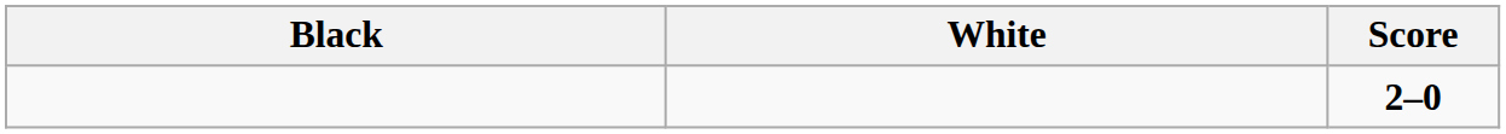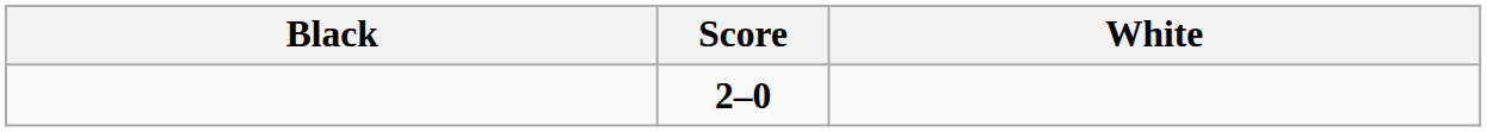 <table class="wikitable" style="text-align: center;">
 <tr>
 <th align="right" width="270">Black</th>
+<th width="65">Score</th>
 <th align="left" width="270">White</th>
-<th width="65">Score</th>
 </tr>
 <tr>
 <td align=left><strong><br></strong></td>
+<td align=center><strong>2–0</strong></td>
 <td align=left><br></td>
-<td align=center><strong>2–0</strong></td>
 </tr>
 </table>
